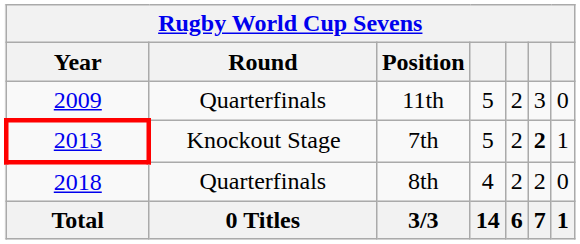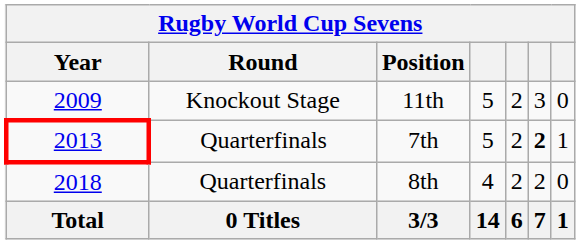 <table class="wikitable" style="text-align: center;">
 <tr>
 <th colspan=10><a href='#'>Rugby World Cup Sevens</a></th>
 </tr>
 <tr>
 <th style="width:5.5em;">Year</th>
 <th style="width:9em;">Round</th>
 <th>Position</th>
 <th></th>
 <th></th>
 <th></th>
 <th></th>
 </tr>
 <tr>
 <td> <a href='#'>2009</a></td>
-<td>Quarterfinals</td>
+<td>Knockout Stage</td>
 <td>11th</td>
 <td>5</td>
 <td>2</td>
 <td>3</td>
 <td>0</td>
 </tr>
 <tr>
 <td style="border: 3px solid red"> <a href='#'>2013</a></td>
-<td>Knockout Stage</td>
+<td>Quarterfinals</td>
 <td>7th</td>
 <td>5</td>
 <td>2</td>
 <td><strong>2</strong></td>
 <td>1</td>
 </tr>
 <tr>
 <td> <a href='#'>2018</a></td>
 <td>Quarterfinals</td>
 <td>8th</td>
 <td>4</td>
 <td>2</td>
 <td>2</td>
 <td>0</td>
 </tr>
 <tr>
 <th>Total</th>
 <th>0 Titles</th>
 <th>3/3</th>
 <th>14</th>
 <th>6</th>
 <th>7</th>
 <th>1</th>
 </tr>
 </table>
